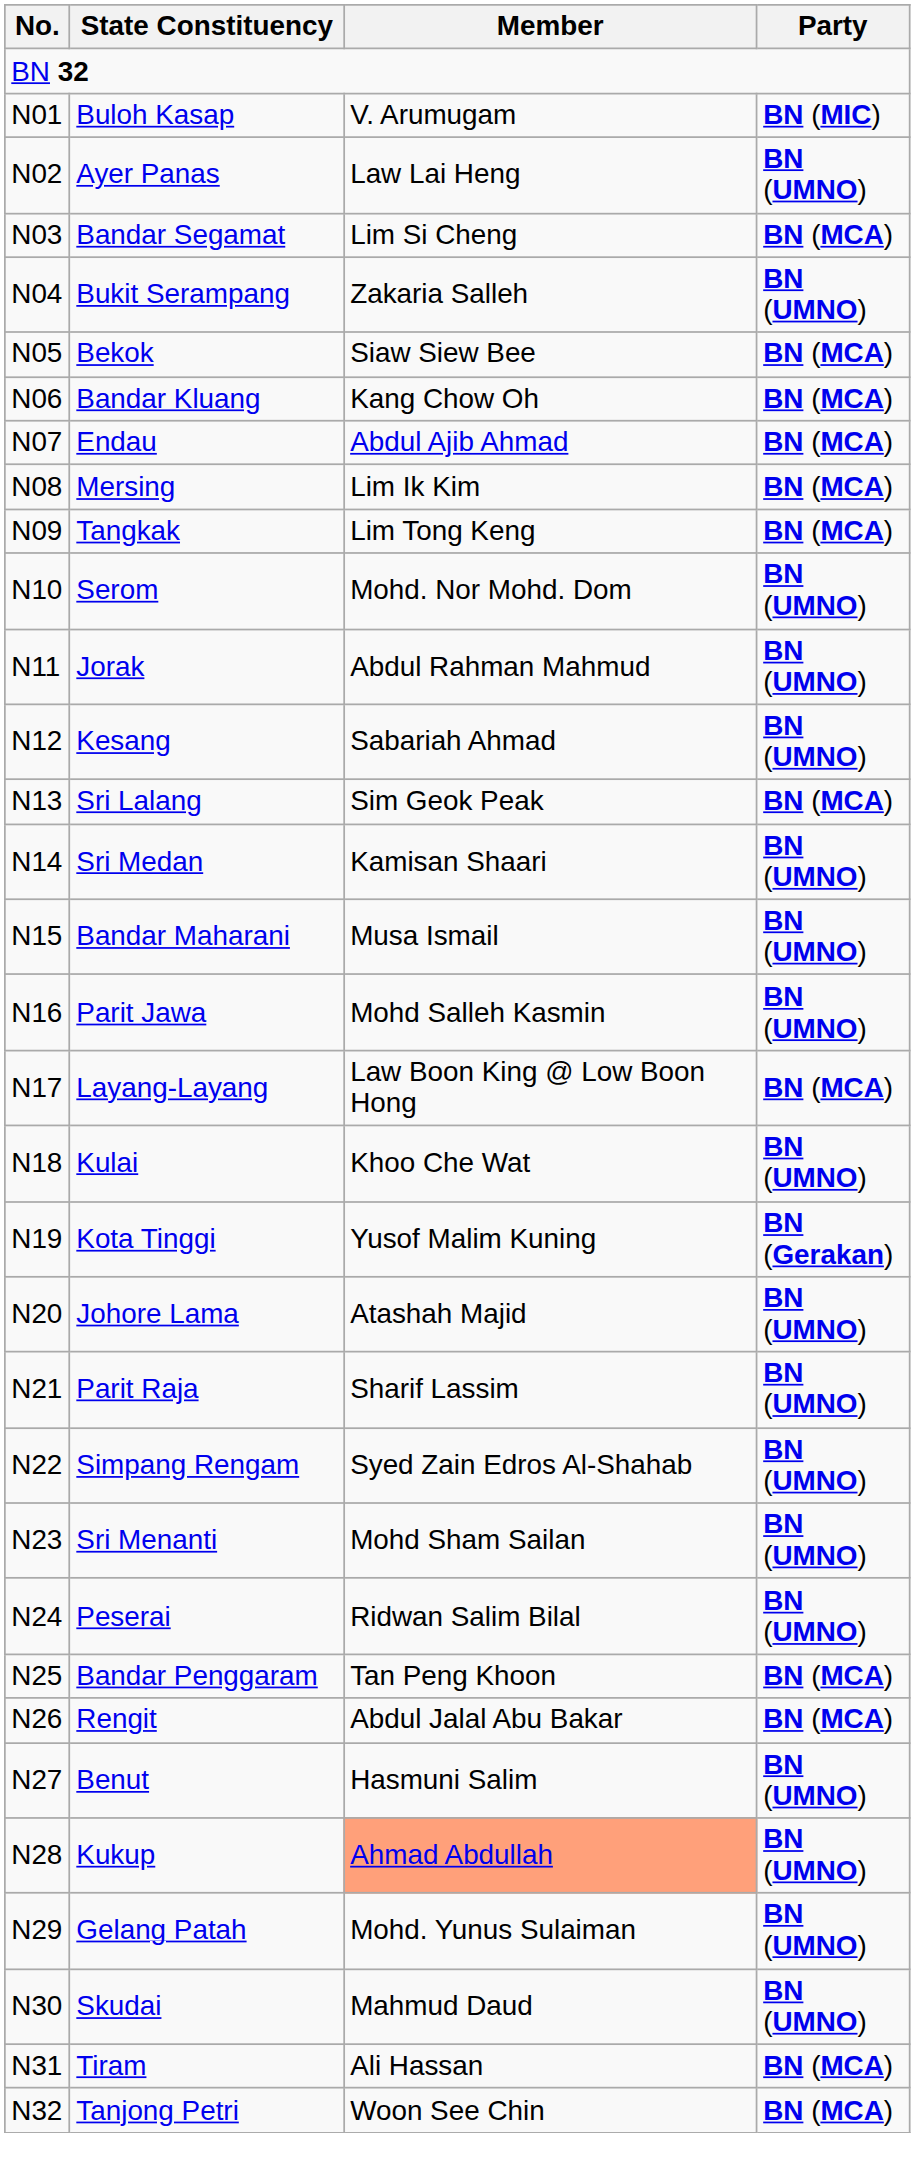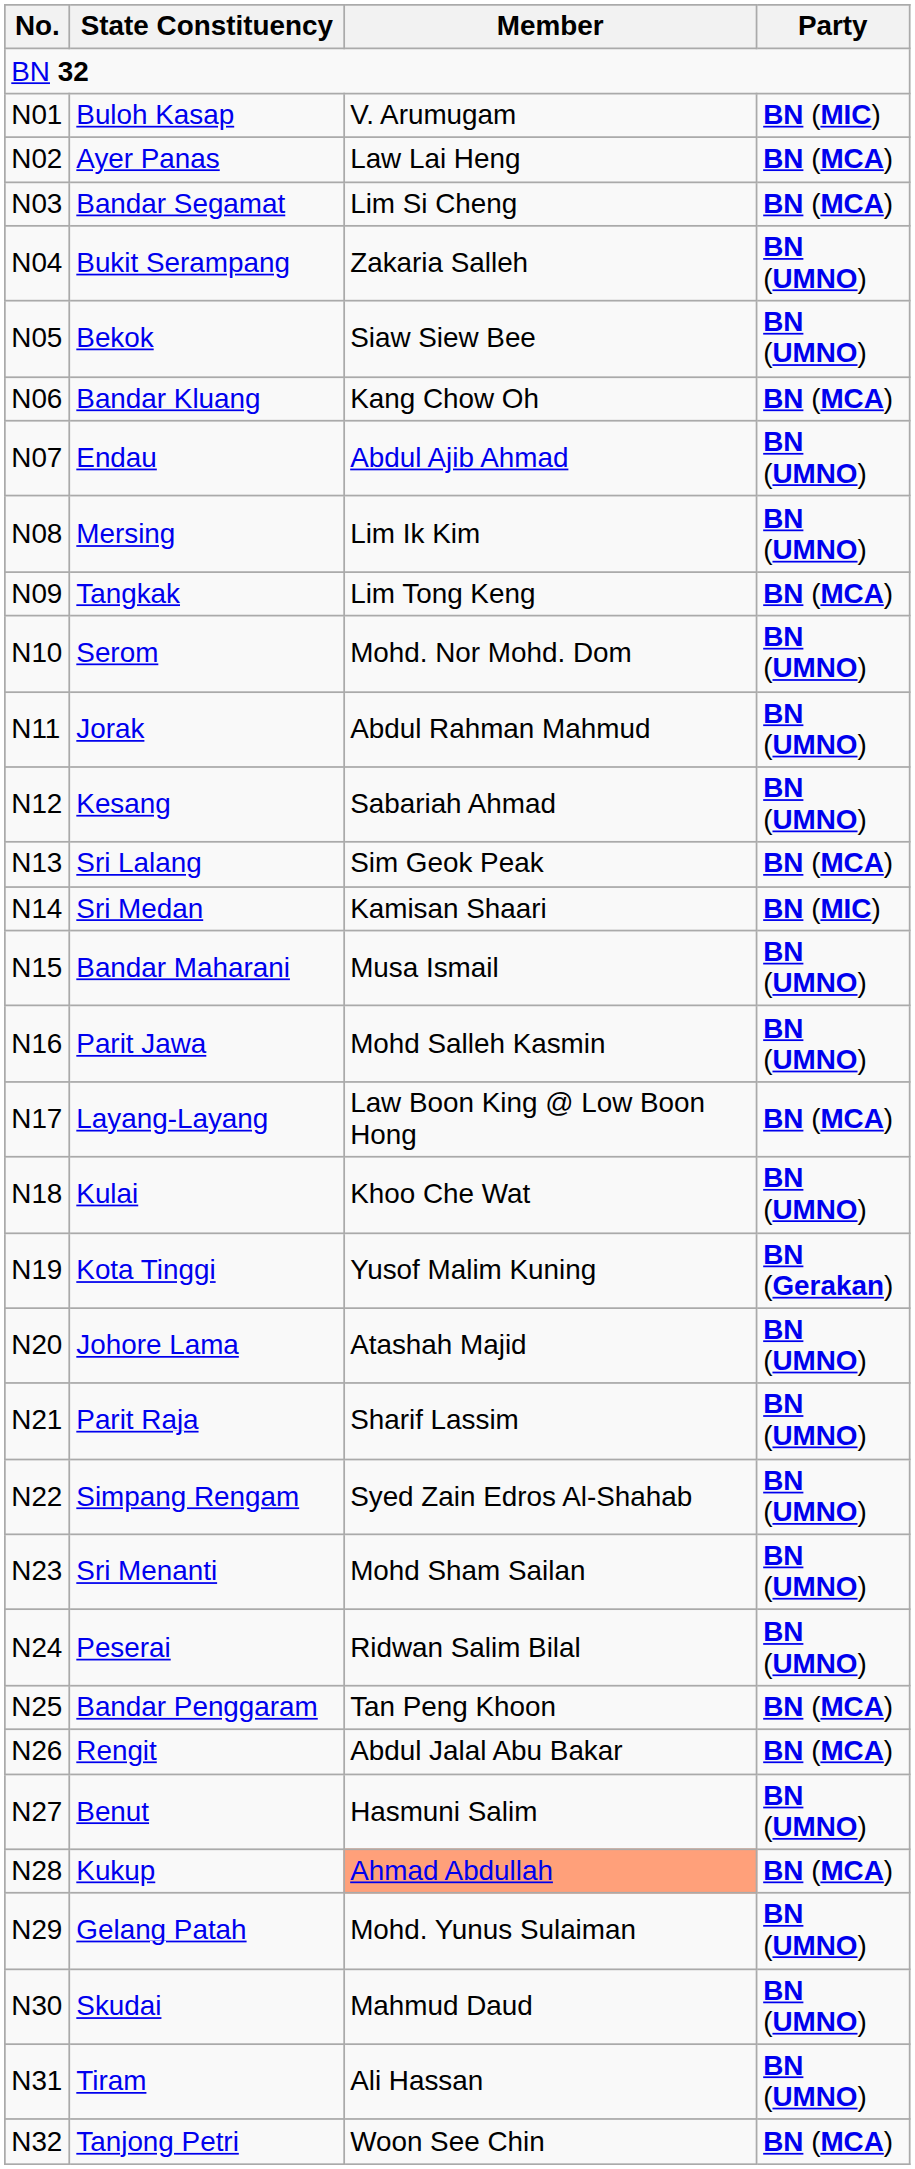 <table class="wikitable sortable">
 <tr>
 <th style="width:30px;">No.</th>
 <th style="width:150px;">State Constituency</th>
 <th style="width:230px;">Member</th>
 <th style="width:80px;">Party</th>
 </tr>
 <tr>
 <td colspan="4"><a href='#'>BN</a> <strong>32</strong></td>
 </tr>
 <tr>
 <td>N01</td>
 <td><a href='#'>Buloh Kasap</a></td>
 <td>V. Arumugam</td>
 <td><strong><a href='#'>BN</a></strong> (<strong><a href='#'>MIC</a></strong>)</td>
 </tr>
 <tr>
 <td>N02</td>
 <td><a href='#'>Ayer Panas</a></td>
 <td>Law Lai Heng</td>
-<td><strong><a href='#'>BN</a></strong> (<strong><a href='#'>UMNO</a></strong>)</td>
+<td><strong><a href='#'>BN</a></strong> (<strong><a href='#'>MCA</a></strong>)</td>
 </tr>
 <tr>
 <td>N03</td>
 <td><a href='#'>Bandar Segamat</a></td>
 <td>Lim Si Cheng</td>
 <td><strong><a href='#'>BN</a></strong> (<strong><a href='#'>MCA</a></strong>)</td>
 </tr>
 <tr>
 <td>N04</td>
 <td><a href='#'>Bukit Serampang</a></td>
 <td>Zakaria Salleh</td>
 <td><strong><a href='#'>BN</a></strong> (<strong><a href='#'>UMNO</a></strong>)</td>
 </tr>
 <tr>
 <td>N05</td>
 <td><a href='#'>Bekok</a></td>
 <td>Siaw Siew Bee</td>
-<td><strong><a href='#'>BN</a></strong> (<strong><a href='#'>MCA</a></strong>)</td>
+<td><strong><a href='#'>BN</a></strong> (<strong><a href='#'>UMNO</a></strong>)</td>
 </tr>
 <tr>
 <td>N06</td>
 <td><a href='#'>Bandar Kluang</a></td>
 <td>Kang Chow Oh</td>
 <td><strong><a href='#'>BN</a></strong> (<strong><a href='#'>MCA</a></strong>)</td>
 </tr>
 <tr>
 <td>N07</td>
 <td><a href='#'>Endau</a></td>
 <td><a href='#'>Abdul Ajib Ahmad</a></td>
-<td><strong><a href='#'>BN</a></strong> (<strong><a href='#'>MCA</a></strong>)</td>
+<td><strong><a href='#'>BN</a></strong> (<strong><a href='#'>UMNO</a></strong>)</td>
 </tr>
 <tr>
 <td>N08</td>
 <td><a href='#'>Mersing</a></td>
 <td>Lim Ik Kim</td>
-<td><strong><a href='#'>BN</a></strong> (<strong><a href='#'>MCA</a></strong>)</td>
+<td><strong><a href='#'>BN</a></strong> (<strong><a href='#'>UMNO</a></strong>)</td>
 </tr>
 <tr>
 <td>N09</td>
 <td><a href='#'>Tangkak</a></td>
 <td>Lim Tong Keng</td>
 <td><strong><a href='#'>BN</a></strong> (<strong><a href='#'>MCA</a></strong>)</td>
 </tr>
 <tr>
 <td>N10</td>
 <td><a href='#'>Serom</a></td>
 <td>Mohd. Nor Mohd. Dom</td>
 <td><strong><a href='#'>BN</a></strong> (<strong><a href='#'>UMNO</a></strong>)</td>
 </tr>
 <tr>
 <td>N11</td>
 <td><a href='#'>Jorak</a></td>
 <td>Abdul Rahman Mahmud</td>
 <td><strong><a href='#'>BN</a></strong> (<strong><a href='#'>UMNO</a></strong>)</td>
 </tr>
 <tr>
 <td>N12</td>
 <td><a href='#'>Kesang</a></td>
 <td>Sabariah Ahmad</td>
 <td><strong><a href='#'>BN</a></strong> (<strong><a href='#'>UMNO</a></strong>)</td>
 </tr>
 <tr>
 <td>N13</td>
 <td><a href='#'>Sri Lalang</a></td>
 <td>Sim Geok Peak</td>
 <td><strong><a href='#'>BN</a></strong> (<strong><a href='#'>MCA</a></strong>)</td>
 </tr>
 <tr>
 <td>N14</td>
 <td><a href='#'>Sri Medan</a></td>
 <td>Kamisan Shaari</td>
-<td><strong><a href='#'>BN</a></strong> (<strong><a href='#'>UMNO</a></strong>)</td>
+<td><strong><a href='#'>BN</a></strong> (<strong><a href='#'>MIC</a></strong>)</td>
 </tr>
 <tr>
 <td>N15</td>
 <td><a href='#'>Bandar Maharani</a></td>
 <td>Musa Ismail</td>
 <td><strong><a href='#'>BN</a></strong> (<strong><a href='#'>UMNO</a></strong>)</td>
 </tr>
 <tr>
 <td>N16</td>
 <td><a href='#'>Parit Jawa</a></td>
 <td>Mohd Salleh Kasmin</td>
 <td><strong><a href='#'>BN</a></strong> (<strong><a href='#'>UMNO</a></strong>)</td>
 </tr>
 <tr>
 <td>N17</td>
 <td><a href='#'>Layang-Layang</a></td>
 <td>Law Boon King @ Low Boon Hong</td>
 <td><strong><a href='#'>BN</a></strong> (<strong><a href='#'>MCA</a></strong>)</td>
 </tr>
 <tr>
 <td>N18</td>
 <td><a href='#'>Kulai</a></td>
 <td>Khoo Che Wat</td>
 <td><strong><a href='#'>BN</a></strong> (<strong><a href='#'>UMNO</a></strong>)</td>
 </tr>
 <tr>
 <td>N19</td>
 <td><a href='#'>Kota Tinggi</a></td>
 <td>Yusof Malim Kuning</td>
 <td><strong><a href='#'>BN</a></strong> (<strong><a href='#'>Gerakan</a></strong>)</td>
 </tr>
 <tr>
 <td>N20</td>
 <td><a href='#'>Johore Lama</a></td>
 <td>Atashah Majid</td>
 <td><strong><a href='#'>BN</a></strong> (<strong><a href='#'>UMNO</a></strong>)</td>
 </tr>
 <tr>
 <td>N21</td>
 <td><a href='#'>Parit Raja</a></td>
 <td>Sharif Lassim</td>
 <td><strong><a href='#'>BN</a></strong> (<strong><a href='#'>UMNO</a></strong>)</td>
 </tr>
 <tr>
 <td>N22</td>
 <td><a href='#'>Simpang Rengam</a></td>
 <td>Syed Zain Edros Al-Shahab</td>
 <td><strong><a href='#'>BN</a></strong> (<strong><a href='#'>UMNO</a></strong>)</td>
 </tr>
 <tr>
 <td>N23</td>
 <td><a href='#'>Sri Menanti</a></td>
 <td>Mohd Sham Sailan</td>
 <td><strong><a href='#'>BN</a></strong> (<strong><a href='#'>UMNO</a></strong>)</td>
 </tr>
 <tr>
 <td>N24</td>
 <td><a href='#'>Peserai</a></td>
 <td>Ridwan Salim Bilal</td>
 <td><strong><a href='#'>BN</a></strong> (<strong><a href='#'>UMNO</a></strong>)</td>
 </tr>
 <tr>
 <td>N25</td>
 <td><a href='#'>Bandar Penggaram</a></td>
 <td>Tan Peng Khoon</td>
 <td><strong><a href='#'>BN</a></strong> (<strong><a href='#'>MCA</a></strong>)</td>
 </tr>
 <tr>
 <td>N26</td>
 <td><a href='#'>Rengit</a></td>
 <td>Abdul Jalal Abu Bakar</td>
 <td><strong><a href='#'>BN</a></strong> (<strong><a href='#'>MCA</a></strong>)</td>
 </tr>
 <tr>
 <td>N27</td>
 <td><a href='#'>Benut</a></td>
 <td>Hasmuni Salim</td>
 <td><strong><a href='#'>BN</a></strong> (<strong><a href='#'>UMNO</a></strong>)</td>
 </tr>
 <tr>
 <td>N28</td>
 <td><a href='#'>Kukup</a></td>
 <td style="background: lightsalmon;"><a href='#'>Ahmad Abdullah</a></td>
-<td><strong><a href='#'>BN</a></strong> (<strong><a href='#'>UMNO</a></strong>)</td>
+<td><strong><a href='#'>BN</a></strong> (<strong><a href='#'>MCA</a></strong>)</td>
 </tr>
 <tr>
 <td>N29</td>
 <td><a href='#'>Gelang Patah</a></td>
 <td>Mohd. Yunus Sulaiman</td>
 <td><strong><a href='#'>BN</a></strong> (<strong><a href='#'>UMNO</a></strong>)</td>
 </tr>
 <tr>
 <td>N30</td>
 <td><a href='#'>Skudai</a></td>
 <td>Mahmud Daud</td>
 <td><strong><a href='#'>BN</a></strong> (<strong><a href='#'>UMNO</a></strong>)</td>
 </tr>
 <tr>
 <td>N31</td>
 <td><a href='#'>Tiram</a></td>
 <td>Ali Hassan</td>
-<td><strong><a href='#'>BN</a></strong> (<strong><a href='#'>MCA</a></strong>)</td>
+<td><strong><a href='#'>BN</a></strong> (<strong><a href='#'>UMNO</a></strong>)</td>
 </tr>
 <tr>
 <td>N32</td>
 <td><a href='#'>Tanjong Petri</a></td>
 <td>Woon See Chin</td>
 <td><strong><a href='#'>BN</a></strong> (<strong><a href='#'>MCA</a></strong>)</td>
 </tr>
 </table>
